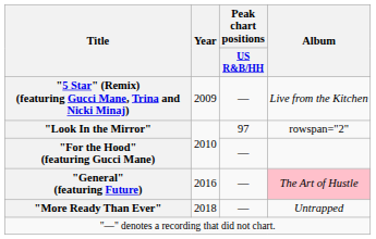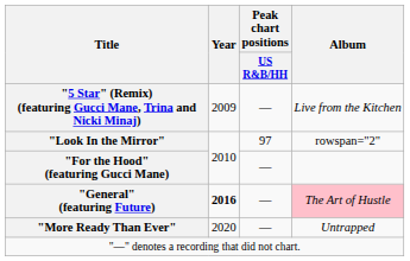 <table class="wikitable plainrowheaders" style="text-align:center;">
 <tr>
 <th scope="col" rowspan="2" style="width:16em;">Title</th>
 <th scope="col" rowspan="2">Year</th>
 <th scope="col">Peak chart positions</th>
 <th scope="col" rowspan="2">Album</th>
 </tr>
 <tr>
 <th style="width:3em; font-size:90%"><a href='#'>US<br>R&B/HH</a><br></th>
 </tr>
 <tr>
 <th scope="row">"<a href='#'>5 Star</a>" (Remix)<br><span>(featuring <a href='#'>Gucci Mane</a>, <a href='#'>Trina</a> and <a href='#'>Nicki Minaj</a>)</span></th>
 <td>2009</td>
 <td>—</td>
 <td><em>Live from the Kitchen</em></td>
 </tr>
 <tr>
 <th scope="row">"Look In the Mirror"</th>
 <td rowspan="2">2010</td>
 <td>97</td>
 <td>rowspan="2" </td>
 </tr>
 <tr>
 <th scope="row">"For the Hood"<br><span>(featuring Gucci Mane)</span></th>
 <td>—</td>
 </tr>
 <tr>
 <th scope="row">"General"<br><span>(featuring <a href='#'>Future</a>)</span></th>
-<td>2016</td>
+<td><strong>2016</strong></td>
 <td>—</td>
 <td style="background: pink;"><em>The Art of Hustle</em></td>
 </tr>
 <tr>
 <th scope="row">"More Ready Than Ever"</th>
-<td>2018</td>
+<td>2020</td>
 <td>—</td>
 <td><em>Untrapped</em></td>
 </tr>
 <tr>
 <td colspan="6" style="font-size:90%">"—" denotes a recording that did not chart.</td>
 </tr>
 </table>
